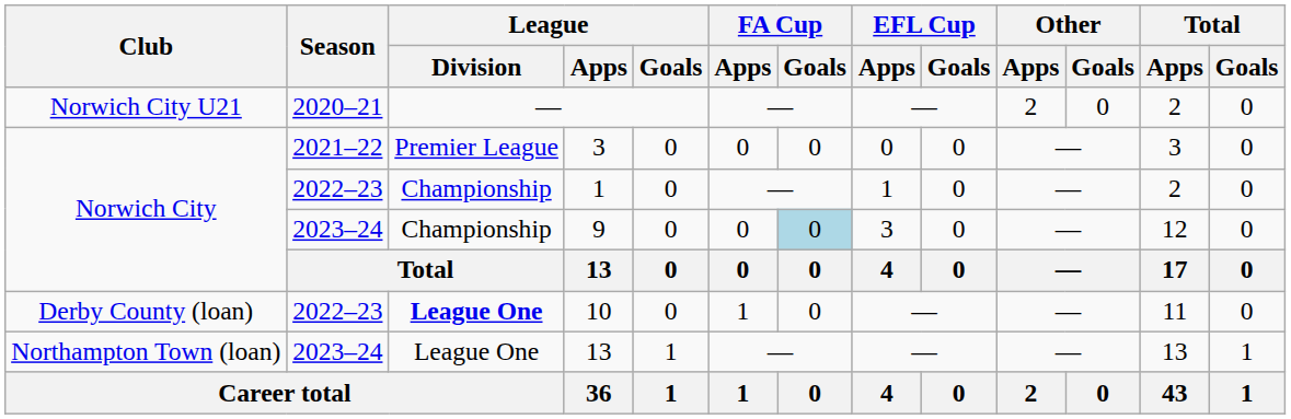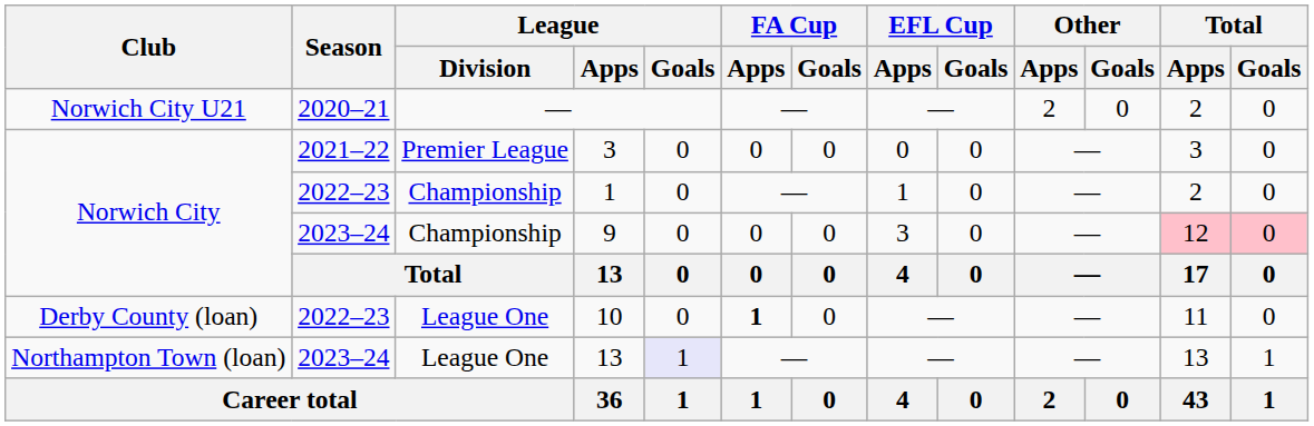 <table class="wikitable" style="text-align:center">
 <tr>
 <th rowspan="2">Club</th>
 <th rowspan="2">Season</th>
 <th colspan="3">League</th>
 <th colspan="2"><a href='#'>FA Cup</a></th>
 <th colspan="2"><a href='#'>EFL Cup</a></th>
 <th colspan="2">Other</th>
 <th colspan="2">Total</th>
 </tr>
 <tr>
 <th>Division</th>
 <th>Apps</th>
 <th>Goals</th>
 <th>Apps</th>
 <th>Goals</th>
 <th>Apps</th>
 <th>Goals</th>
 <th>Apps</th>
 <th>Goals</th>
 <th>Apps</th>
 <th>Goals</th>
 </tr>
 <tr>
 <td><a href='#'>Norwich City U21</a></td>
 <td><a href='#'>2020–21</a></td>
 <td colspan="3">—</td>
 <td colspan="2">—</td>
 <td colspan="2">—</td>
 <td>2</td>
 <td>0</td>
 <td>2</td>
 <td>0</td>
 </tr>
 <tr>
 <td rowspan=4><a href='#'>Norwich City</a></td>
 <td><a href='#'>2021–22</a></td>
 <td><a href='#'>Premier League</a></td>
 <td>3</td>
 <td>0</td>
 <td>0</td>
 <td>0</td>
 <td>0</td>
 <td>0</td>
 <td colspan="2">—</td>
 <td>3</td>
 <td>0</td>
 </tr>
 <tr>
 <td><a href='#'>2022–23</a></td>
 <td><a href='#'>Championship</a></td>
 <td>1</td>
 <td>0</td>
 <td colspan="2">—</td>
 <td>1</td>
 <td>0</td>
 <td colspan="2">—</td>
 <td>2</td>
 <td>0</td>
 </tr>
 <tr>
 <td><a href='#'>2023–24</a></td>
 <td>Championship</td>
 <td>9</td>
 <td>0</td>
 <td>0</td>
-<td style="background: lightblue;">0</td>
+<td>0</td>
 <td>3</td>
 <td>0</td>
 <td colspan="2">—</td>
-<td>12</td>
-<td>0</td>
+<td style="background: pink;">12</td>
+<td style="background: pink;">0</td>
 </tr>
 <tr>
 <th colspan="2">Total</th>
 <th>13</th>
 <th>0</th>
 <th>0</th>
 <th>0</th>
 <th>4</th>
 <th>0</th>
 <th colspan="2">—</th>
 <th>17</th>
 <th>0</th>
 </tr>
 <tr>
 <td><a href='#'>Derby County</a> (loan)</td>
 <td><a href='#'>2022–23</a></td>
-<td><strong><a href='#'>League One</a></strong></td>
+<td><a href='#'>League One</a></td>
 <td>10</td>
 <td>0</td>
-<td>1</td>
+<td><strong>1</strong></td>
 <td>0</td>
 <td colspan="2">—</td>
 <td colspan="2">—</td>
 <td>11</td>
 <td>0</td>
 </tr>
 <tr>
 <td><a href='#'>Northampton Town</a> (loan)</td>
 <td><a href='#'>2023–24</a></td>
 <td>League One</td>
 <td>13</td>
-<td>1</td>
+<td style="background: lavender;">1</td>
 <td colspan="2">—</td>
 <td colspan="2">—</td>
 <td colspan="2">—</td>
 <td>13</td>
 <td>1</td>
 </tr>
 <tr>
 <th colspan="3">Career total</th>
 <th>36</th>
 <th>1</th>
 <th>1</th>
 <th>0</th>
 <th>4</th>
 <th>0</th>
 <th>2</th>
 <th>0</th>
 <th>43</th>
 <th>1</th>
 </tr>
 </table>
